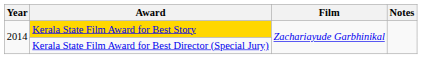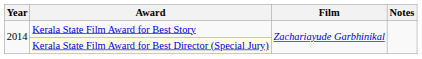 <table class="wikitable">
 <tr>
 <th>Year</th>
 <th>Award</th>
 <th>Film</th>
 <th>Notes</th>
 </tr>
 <tr>
 <td rowspan="2">2014</td>
-<td style="background: gold;"><a href='#'>Kerala State Film Award for Best Story</a></td>
+<td><a href='#'>Kerala State Film Award for Best Story</a></td>
 <td rowspan="2"><a href='#'><em>Zachariayude Garbhinikal</em></a></td>
 <td rowspan="2"></td>
 </tr>
 <tr>
-<td><a href='#'>Kerala State Film Award for Best Director (Special Jury)</a></td>
+<td style="background: lightyellow;"><a href='#'>Kerala State Film Award for Best Director (Special Jury)</a></td>
 </tr>
 </table>
